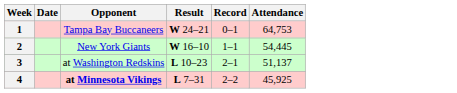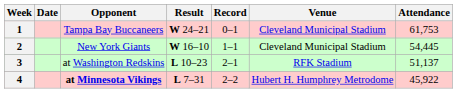 <table class="wikitable" style="text-align:center">
 <tr>
 <th>Week</th>
 <th>Date</th>
 <th>Opponent</th>
 <th>Result</th>
 <th>Record</th>
+<th>Venue</th>
 <th>Attendance</th>
 </tr>
 <tr style="background:#fcc">
 <th>1</th>
 <td></td>
 <td><a href='#'>Tampa Bay Buccaneers</a></td>
 <td><strong>W</strong> 24–21 </td>
 <td>0–1</td>
-<td>64,753</td>
+<td><a href='#'>Cleveland Municipal Stadium</a></td>
+<td>61,753</td>
 </tr>
 <tr style="background:#cfc">
 <th>2</th>
 <td></td>
 <td><a href='#'>New York Giants</a></td>
 <td><strong>W</strong> 16–10</td>
 <td>1–1</td>
+<td>Cleveland Municipal Stadium</td>
 <td>54,445</td>
 </tr>
 <tr style="background:#cfc">
 <th>3</th>
 <td></td>
 <td>at <a href='#'>Washington Redskins</a></td>
 <td><strong>L</strong> 10–23</td>
 <td>2–1</td>
+<td><a href='#'>RFK Stadium</a></td>
 <td>51,137</td>
 </tr>
 <tr style="background:#fcc">
 <th>4</th>
 <td></td>
 <td><strong>at <a href='#'>Minnesota Vikings</a></strong></td>
 <td><strong>L</strong> 7–31</td>
 <td>2–2</td>
-<td>45,925</td>
+<td><a href='#'>Hubert H. Humphrey Metrodome</a></td>
+<td>45,922</td>
 </tr>
 </table>
